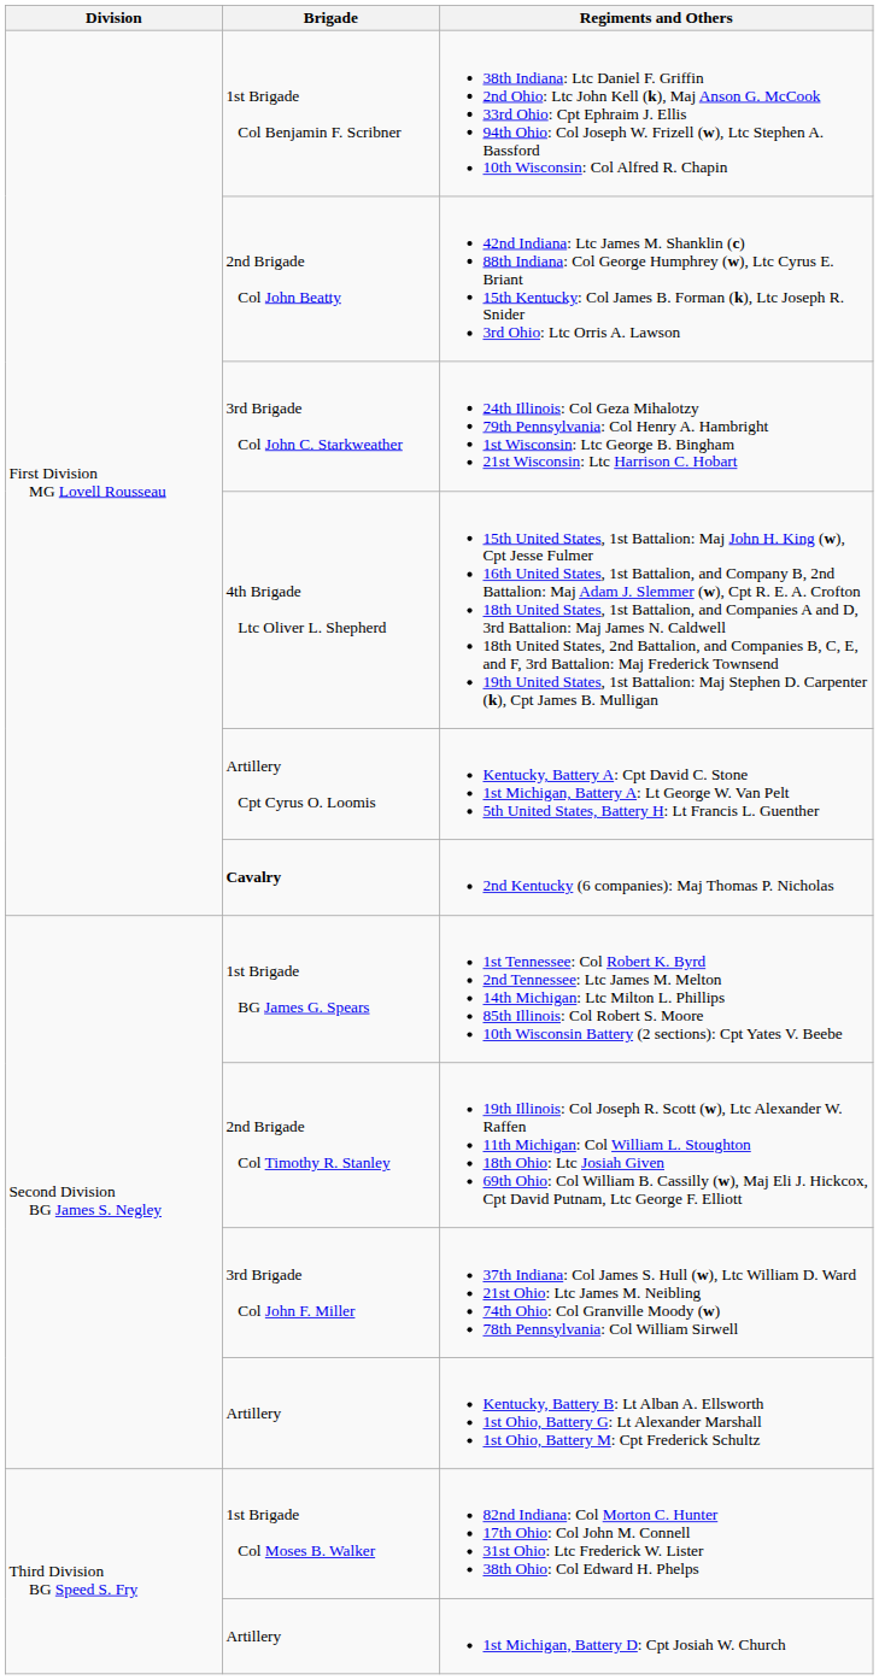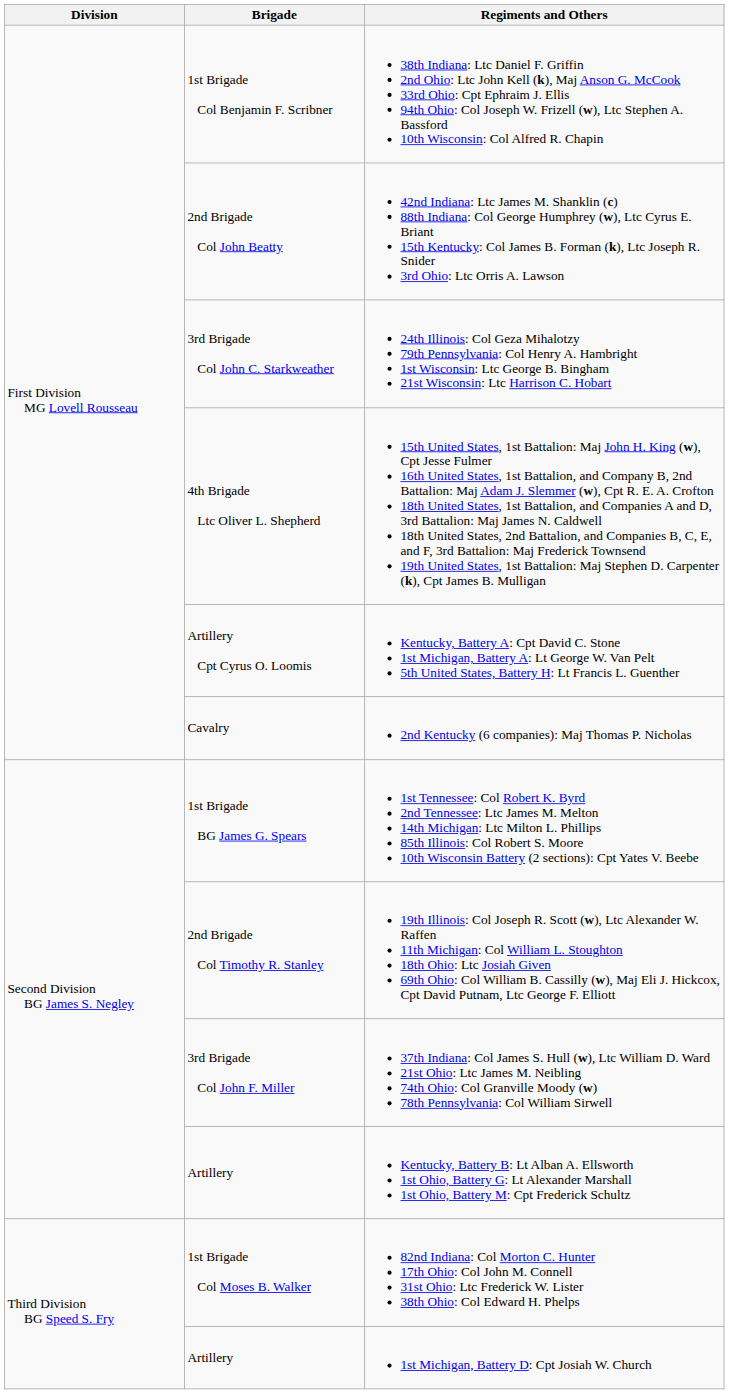 <table class="wikitable">
 <tr>
 <th width=25%>Division</th>
 <th width=25%>Brigade</th>
 <th>Regiments and Others</th>
 </tr>
 <tr>
 <td rowspan=6><br>First Division <br>     MG <a href='#'>Lovell Rousseau</a></td>
 <td>1st Brigade<br><br>   Col Benjamin F. Scribner</td>
 <td><br><ul><li><a href='#'>38th Indiana</a>: Ltc Daniel F. Griffin</li><li><a href='#'>2nd Ohio</a>: Ltc John Kell (<strong>k</strong>), Maj <a href='#'>Anson G. McCook</a></li><li><a href='#'>33rd Ohio</a>: Cpt Ephraim J. Ellis</li><li><a href='#'>94th Ohio</a>: Col Joseph W. Frizell (<strong>w</strong>), Ltc Stephen A. Bassford</li><li><a href='#'>10th Wisconsin</a>: Col Alfred R. Chapin</li></ul></td>
 </tr>
 <tr>
 <td>2nd Brigade<br><br>   Col <a href='#'>John Beatty</a></td>
 <td><br><ul><li><a href='#'>42nd Indiana</a>: Ltc James M. Shanklin (<strong>c</strong>)</li><li><a href='#'>88th Indiana</a>: Col George Humphrey (<strong>w</strong>), Ltc Cyrus E. Briant</li><li><a href='#'>15th Kentucky</a>: Col James B. Forman (<strong>k</strong>), Ltc Joseph R. Snider</li><li><a href='#'>3rd Ohio</a>: Ltc Orris A. Lawson</li></ul></td>
 </tr>
 <tr>
 <td>3rd Brigade<br><br>   Col <a href='#'>John C. Starkweather</a></td>
 <td><br><ul><li><a href='#'>24th Illinois</a>: Col Geza Mihalotzy</li><li><a href='#'>79th Pennsylvania</a>: Col Henry A. Hambright</li><li><a href='#'>1st Wisconsin</a>: Ltc George B. Bingham</li><li><a href='#'>21st Wisconsin</a>: Ltc <a href='#'>Harrison C. Hobart</a></li></ul></td>
 </tr>
 <tr>
 <td>4th Brigade<br><br>   Ltc Oliver L. Shepherd</td>
 <td><br><ul><li><a href='#'>15th United States</a>, 1st Battalion: Maj <a href='#'>John H. King</a> (<strong>w</strong>), Cpt Jesse Fulmer</li><li><a href='#'>16th United States</a>, 1st Battalion, and Company B, 2nd Battalion: Maj <a href='#'>Adam J. Slemmer</a> (<strong>w</strong>), Cpt R. E. A. Crofton</li><li><a href='#'>18th United States</a>, 1st Battalion, and Companies A and D, 3rd Battalion: Maj James N. Caldwell</li><li>18th United States, 2nd Battalion, and Companies B, C, E, and F, 3rd Battalion: Maj Frederick Townsend</li><li><a href='#'>19th United States</a>, 1st Battalion: Maj Stephen D. Carpenter (<strong>k</strong>), Cpt James B. Mulligan</li></ul></td>
 </tr>
 <tr>
 <td>Artillery<br><br>   Cpt Cyrus O. Loomis</td>
 <td><br><ul><li><a href='#'>Kentucky, Battery A</a>: Cpt David C. Stone</li><li><a href='#'>1st Michigan, Battery A</a>: Lt George W. Van Pelt</li><li><a href='#'>5th United States, Battery H</a>: Lt Francis L. Guenther</li></ul></td>
 </tr>
 <tr>
-<td><strong>Cavalry</strong></td>
+<td>Cavalry</td>
 <td><br><ul><li><a href='#'>2nd Kentucky</a> (6 companies): Maj Thomas P. Nicholas</li></ul></td>
 </tr>
 <tr>
 <td rowspan=4><br>Second Division <br>     BG <a href='#'>James S. Negley</a></td>
 <td>1st Brigade<br><br>   BG <a href='#'>James G. Spears</a></td>
 <td><br><ul><li><a href='#'>1st Tennessee</a>: Col <a href='#'>Robert K. Byrd</a></li><li><a href='#'>2nd Tennessee</a>: Ltc James M. Melton</li><li><a href='#'>14th Michigan</a>: Ltc Milton L. Phillips</li><li><a href='#'>85th Illinois</a>: Col Robert S. Moore</li><li><a href='#'>10th Wisconsin Battery</a> (2 sections): Cpt Yates V. Beebe</li></ul></td>
 </tr>
 <tr>
 <td>2nd Brigade<br><br>   Col <a href='#'>Timothy R. Stanley</a></td>
 <td><br><ul><li><a href='#'>19th Illinois</a>: Col Joseph R. Scott (<strong>w</strong>), Ltc Alexander W. Raffen</li><li><a href='#'>11th Michigan</a>: Col <a href='#'>William L. Stoughton</a></li><li><a href='#'>18th Ohio</a>: Ltc <a href='#'>Josiah Given</a></li><li><a href='#'>69th Ohio</a>: Col William B. Cassilly (<strong>w</strong>), Maj Eli J. Hickcox, Cpt David Putnam, Ltc George F. Elliott</li></ul></td>
 </tr>
 <tr>
 <td>3rd Brigade<br><br>   Col <a href='#'>John F. Miller</a></td>
 <td><br><ul><li><a href='#'>37th Indiana</a>: Col James S. Hull (<strong>w</strong>), Ltc William D. Ward</li><li><a href='#'>21st Ohio</a>: Ltc James M. Neibling</li><li><a href='#'>74th Ohio</a>: Col Granville Moody (<strong>w</strong>)</li><li><a href='#'>78th Pennsylvania</a>: Col William Sirwell</li></ul></td>
 </tr>
 <tr>
 <td>Artillery</td>
 <td><br><ul><li><a href='#'>Kentucky, Battery B</a>: Lt Alban A. Ellsworth</li><li><a href='#'>1st Ohio, Battery G</a>: Lt Alexander Marshall</li><li><a href='#'>1st Ohio, Battery M</a>: Cpt Frederick Schultz</li></ul></td>
 </tr>
 <tr>
 <td rowspan=2><br>Third Division <br>     BG <a href='#'>Speed S. Fry</a></td>
 <td>1st Brigade<br><br>   Col <a href='#'>Moses B. Walker</a></td>
 <td><br><ul><li><a href='#'>82nd Indiana</a>: Col <a href='#'>Morton C. Hunter</a></li><li><a href='#'>17th Ohio</a>: Col John M. Connell</li><li><a href='#'>31st Ohio</a>: Ltc Frederick W. Lister</li><li><a href='#'>38th Ohio</a>: Col Edward H. Phelps</li></ul></td>
 </tr>
 <tr>
 <td>Artillery</td>
 <td><br><ul><li><a href='#'>1st Michigan, Battery D</a>: Cpt Josiah W. Church</li></ul></td>
 </tr>
 </table>
